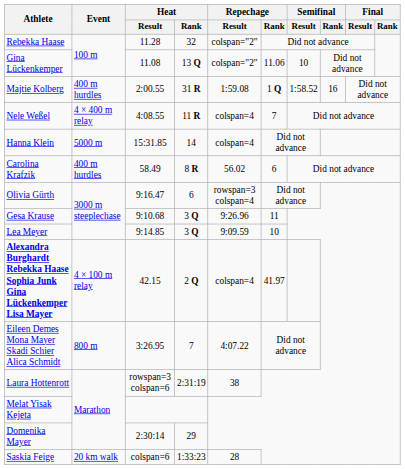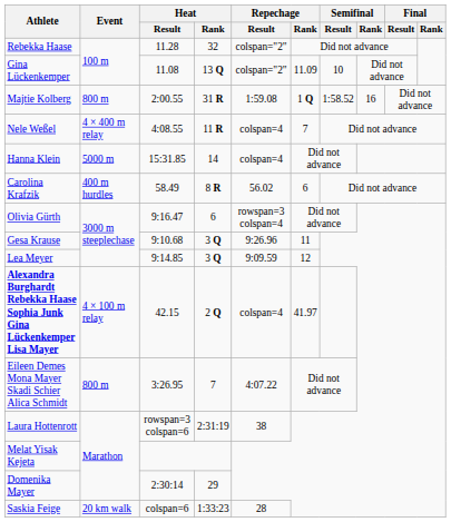 <table class="wikitable" style="font-size:90%">
 <tr>
 <th rowspan="2">Athlete</th>
 <th rowspan="2">Event</th>
 <th colspan="2">Heat</th>
 <th colspan="2">Repechage</th>
 <th colspan="2">Semifinal</th>
 <th colspan="2">Final</th>
 </tr>
 <tr style="font-size:95%">
 <th>Result</th>
 <th>Rank</th>
 <th>Result</th>
 <th>Rank</th>
 <th>Result</th>
 <th>Rank</th>
 <th>Result</th>
 <th>Rank</th>
 </tr>
 <tr align=center>
 <td align=left><a href='#'>Rebekka Haase</a></td>
 <td align=left rowspan=2><a href='#'>100 m</a></td>
 <td>11.28</td>
 <td>32</td>
 <td>colspan="2" </td>
 <td colspan=4>Did not advance</td>
 </tr>
 <tr align=center>
 <td align=left><a href='#'>Gina Lückenkemper</a></td>
 <td>11.08</td>
 <td>13 <strong>Q</strong></td>
 <td>colspan="2" </td>
-<td>11.06</td>
+<td>11.09</td>
 <td>10</td>
 <td colspan=2>Did not advance</td>
 </tr>
 <tr align=center>
 <td align=left><a href='#'>Majtie Kolberg</a></td>
-<td align=left><a href='#'>400 m hurdles</a></td>
+<td align=left><a href='#'>800 m</a></td>
 <td>2:00.55</td>
 <td>31 <strong>R</strong></td>
 <td>1:59.08</td>
 <td>1 <strong>Q</strong></td>
 <td>1:58.52 <strong></strong></td>
 <td>16</td>
 <td colspan=2>Did not advance</td>
 </tr>
 <tr align=center>
 <td align=left><a href='#'>Nele Weßel</a></td>
 <td align=left><a href='#'>4 × 400 m relay</a></td>
 <td>4:08.55</td>
 <td>11 <strong>R</strong></td>
 <td>colspan=4</td>
 <td>7</td>
 <td colspan=4>Did not advance</td>
 </tr>
 <tr align=center>
 <td align=left><a href='#'>Hanna Klein</a></td>
 <td align=left><a href='#'>5000 m</a></td>
 <td>15:31.85</td>
 <td>14</td>
 <td>colspan=4</td>
 <td colspan=2>Did not advance</td>
 </tr>
 <tr align=center>
 <td align=left><a href='#'>Carolina Krafzik</a></td>
 <td align=left><a href='#'>400 m hurdles</a></td>
 <td>58.49</td>
 <td>8 <strong>R</strong></td>
 <td>56.02</td>
 <td>6</td>
 <td colspan=4>Did not advance</td>
 </tr>
 <tr align=center>
 <td align=left><a href='#'>Olivia Gürth</a></td>
 <td align=left rowspan=3><a href='#'>3000 m steeplechase</a></td>
 <td>9:16.47 <strong></strong></td>
 <td>6</td>
 <td>rowspan=3 colspan=4</td>
 <td colspan=2>Did not advance</td>
 </tr>
 <tr align=center>
 <td align=left><a href='#'>Gesa Krause</a></td>
 <td>9:10.68 <strong></strong></td>
 <td>3 <strong>Q</strong></td>
 <td>9:26.96</td>
 <td>11</td>
 </tr>
 <tr align=center>
 <td align=left><a href='#'>Lea Meyer</a></td>
 <td>9:14.85 <strong></strong></td>
 <td>3 <strong>Q</strong></td>
 <td>9:09.59 <strong></strong></td>
-<td>10</td>
+<td>12</td>
 </tr>
 <tr align=center>
 <td align=left><strong><a href='#'>Alexandra Burghardt</a><br><a href='#'>Rebekka Haase</a><br><a href='#'>Sophia Junk</a><br><a href='#'>Gina Lückenkemper</a><br><a href='#'>Lisa Mayer</a></strong></td>
 <td align=left><a href='#'>4 × 100 m relay</a></td>
 <td>42.15 <strong></strong></td>
 <td>2 <strong>Q</strong></td>
 <td>colspan=4</td>
 <td>41.97 <strong></strong></td>
 <td></td>
 </tr>
 <tr align=center>
 <td align=left><a href='#'>Eileen Demes</a><br><a href='#'>Mona Mayer</a><br><a href='#'>Skadi Schier</a><br><a href='#'>Alica Schmidt</a></td>
 <td align=left><a href='#'>800 m</a></td>
 <td>3:26.95</td>
 <td>7</td>
 <td>4:07.22</td>
 <td colspan=2>Did not advance</td>
 </tr>
 <tr align=center>
 <td align=left><a href='#'>Laura Hottenrott</a></td>
 <td align=left rowspan=3><a href='#'>Marathon</a></td>
 <td>rowspan=3 colspan=6 </td>
 <td>2:31:19 <strong></strong></td>
 <td>38</td>
 </tr>
 <tr align=center>
 <td align=left><a href='#'>Melat Yisak Kejeta</a></td>
 <td colspan=2></td>
 </tr>
 <tr align=center>
 <td align=left><a href='#'>Domenika Mayer</a></td>
 <td>2:30:14</td>
 <td>29</td>
 </tr>
 <tr align=center>
 <td align=left><a href='#'>Saskia Feige</a></td>
 <td align=left><a href='#'>20 km walk</a></td>
 <td>colspan=6 </td>
 <td>1:33:23 <strong></strong></td>
 <td>28</td>
 </tr>
 </table>
